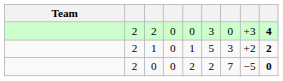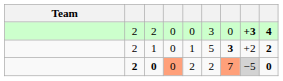 <table class="wikitable" style="text-align: center;">
 <tr>
 <th width="165">Team</th>
 <th width="20"></th>
 <th width="20"></th>
 <th width="20"></th>
 <th width="20"></th>
 <th width="20"></th>
 <th width="20"></th>
 <th width="20"></th>
 <th width="20"></th>
 </tr>
 <tr bgcolor=ccffcc>
 <td style="text-align:left;"></td>
 <td>2</td>
 <td>2</td>
 <td>0</td>
 <td>0</td>
 <td>3</td>
 <td>0</td>
-<td>+3</td>
+<td><strong>+3</strong></td>
 <td><strong>4</strong></td>
 </tr>
 <tr>
 <td style="text-align:left;"></td>
 <td>2</td>
 <td>1</td>
 <td>0</td>
 <td>1</td>
 <td>5</td>
-<td>3</td>
+<td><strong>3</strong></td>
 <td>+2</td>
 <td><strong>2</strong></td>
 </tr>
 <tr>
 <td style="text-align:left;"></td>
-<td>2</td>
-<td>0</td>
-<td>0</td>
+<td><strong>2</strong></td>
+<td><strong>0</strong></td>
+<td style="background: lightsalmon;">0</td>
 <td>2</td>
 <td>2</td>
-<td>7</td>
-<td>−5</td>
+<td style="background: lightsalmon;">7</td>
+<td style="background: lightgrey;">−5</td>
 <td><strong>0</strong></td>
 </tr>
 </table>
